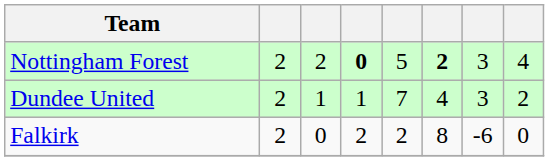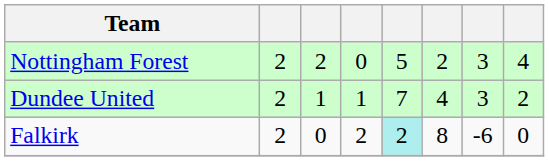 <table class="wikitable" style="text-align:center;">
 <tr>
 <th width=165>Team</th>
 <th width=20></th>
 <th width=20></th>
 <th width=20></th>
 <th width=20></th>
 <th width=20></th>
 <th width=20></th>
 <th width=20></th>
 </tr>
 <tr style="background:#cfc;">
 <td align="left"><a href='#'>Nottingham Forest</a></td>
 <td>2</td>
 <td>2</td>
-<td><strong>0</strong></td>
+<td>0</td>
 <td>5</td>
-<td><strong>2</strong></td>
+<td>2</td>
 <td>3</td>
 <td>4</td>
 </tr>
 <tr style="background:#cfc;">
 <td align="left"><a href='#'>Dundee United</a></td>
 <td>2</td>
 <td>1</td>
 <td>1</td>
 <td>7</td>
 <td>4</td>
 <td>3</td>
 <td>2</td>
 </tr>
 <tr>
 <td align="left"><a href='#'>Falkirk</a></td>
 <td>2</td>
 <td>0</td>
 <td>2</td>
-<td>2</td>
+<td style="background: paleturquoise;">2</td>
 <td>8</td>
 <td>-6</td>
 <td>0</td>
 </tr>
 <tr>
 </tr>
 </table>
